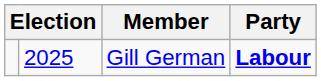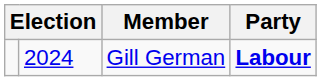 <table class="wikitable">
 <tr>
 <th colspan="2">Election</th>
 <th>Member</th>
 <th>Party</th>
 </tr>
 <tr>
 <td style="color:inherit;background-color: "></td>
-<td><a href='#'>2025</a></td>
+<td><a href='#'>2024</a></td>
 <td><a href='#'>Gill German</a></td>
 <td><strong><a href='#'>Labour</a></strong></td>
 </tr>
 </table>
